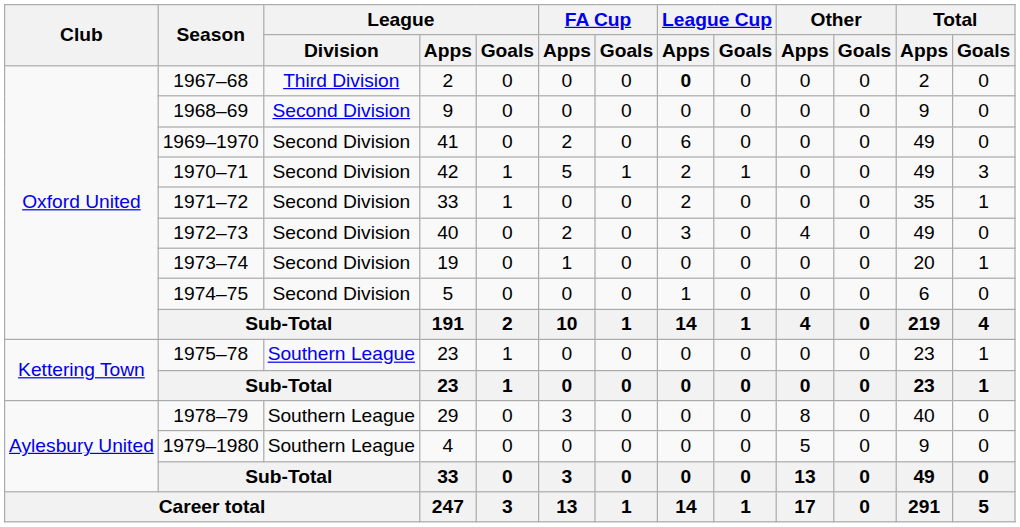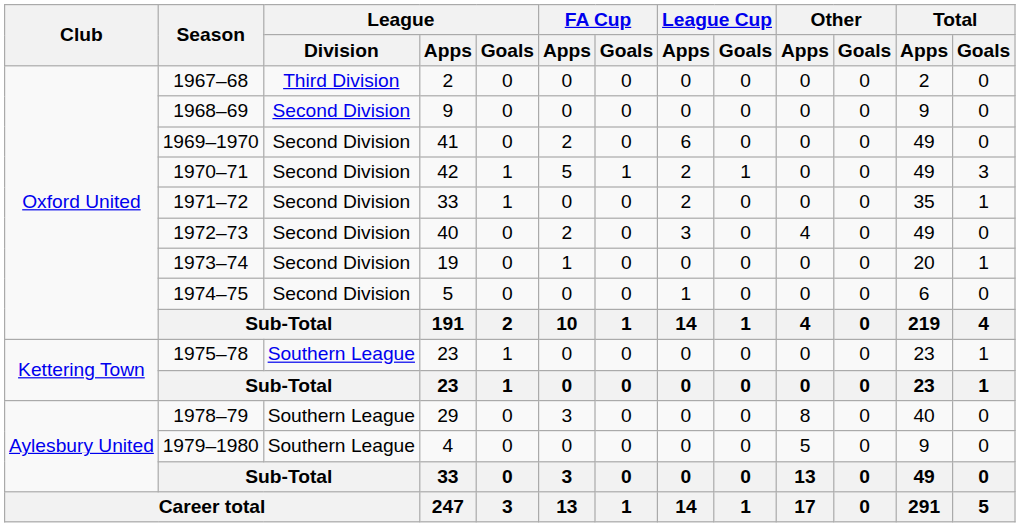 <table class="wikitable" style="text-align:center">
 <tr>
 <th rowspan="2">Club</th>
 <th rowspan="2">Season</th>
 <th colspan="3">League</th>
 <th colspan="2"><a href='#'>FA Cup</a></th>
 <th colspan="2"><a href='#'>League Cup</a></th>
 <th colspan="2">Other</th>
 <th colspan="2">Total</th>
 </tr>
 <tr>
 <th>Division</th>
 <th>Apps</th>
 <th>Goals</th>
 <th>Apps</th>
 <th>Goals</th>
 <th>Apps</th>
 <th>Goals</th>
 <th>Apps</th>
 <th>Goals</th>
 <th>Apps</th>
 <th>Goals</th>
 </tr>
 <tr>
 <td rowspan="9"><a href='#'>Oxford United</a></td>
 <td>1967–68</td>
 <td><a href='#'>Third Division</a></td>
 <td>2</td>
 <td>0</td>
 <td>0</td>
 <td>0</td>
-<td><strong>0</strong></td>
+<td>0</td>
 <td>0</td>
 <td>0</td>
 <td>0</td>
 <td>2</td>
 <td>0</td>
 </tr>
 <tr>
 <td>1968–69</td>
 <td><a href='#'>Second Division</a></td>
 <td>9</td>
 <td>0</td>
 <td>0</td>
 <td>0</td>
 <td>0</td>
 <td>0</td>
 <td>0</td>
 <td>0</td>
 <td>9</td>
 <td>0</td>
 </tr>
 <tr>
 <td>1969–1970</td>
 <td>Second Division</td>
 <td>41</td>
 <td>0</td>
 <td>2</td>
 <td>0</td>
 <td>6</td>
 <td>0</td>
 <td>0</td>
 <td>0</td>
 <td>49</td>
 <td>0</td>
 </tr>
 <tr>
 <td>1970–71</td>
 <td>Second Division</td>
 <td>42</td>
 <td>1</td>
 <td>5</td>
 <td>1</td>
 <td>2</td>
 <td>1</td>
 <td>0</td>
 <td>0</td>
 <td>49</td>
 <td>3</td>
 </tr>
 <tr>
 <td>1971–72</td>
 <td>Second Division</td>
 <td>33</td>
 <td>1</td>
 <td>0</td>
 <td>0</td>
 <td>2</td>
 <td>0</td>
 <td>0</td>
 <td>0</td>
 <td>35</td>
 <td>1</td>
 </tr>
 <tr>
 <td>1972–73</td>
 <td>Second Division</td>
 <td>40</td>
 <td>0</td>
 <td>2</td>
 <td>0</td>
 <td>3</td>
 <td>0</td>
 <td>4</td>
 <td>0</td>
 <td>49</td>
 <td>0</td>
 </tr>
 <tr>
 <td>1973–74</td>
 <td>Second Division</td>
 <td>19</td>
 <td>0</td>
 <td>1</td>
 <td>0</td>
 <td>0</td>
 <td>0</td>
 <td>0</td>
 <td>0</td>
 <td>20</td>
 <td>1</td>
 </tr>
 <tr>
 <td>1974–75</td>
 <td>Second Division</td>
 <td>5</td>
 <td>0</td>
 <td>0</td>
 <td>0</td>
 <td>1</td>
 <td>0</td>
 <td>0</td>
 <td>0</td>
 <td>6</td>
 <td>0</td>
 </tr>
 <tr>
 <th colspan="2">Sub-Total</th>
 <th>191</th>
 <th>2</th>
 <th>10</th>
 <th>1</th>
 <th>14</th>
 <th>1</th>
 <th>4</th>
 <th>0</th>
 <th>219</th>
 <th>4</th>
 </tr>
 <tr>
 <td rowspan="2"><a href='#'>Kettering Town</a></td>
 <td>1975–78</td>
 <td><a href='#'>Southern League</a></td>
 <td>23</td>
 <td>1</td>
 <td>0</td>
 <td>0</td>
 <td>0</td>
 <td>0</td>
 <td>0</td>
 <td>0</td>
 <td>23</td>
 <td>1</td>
 </tr>
 <tr>
 <th colspan="2">Sub-Total</th>
 <th>23</th>
 <th>1</th>
 <th>0</th>
 <th>0</th>
 <th>0</th>
 <th>0</th>
 <th>0</th>
 <th>0</th>
 <th>23</th>
 <th>1</th>
 </tr>
 <tr>
 <td rowspan="3"><a href='#'>Aylesbury United</a></td>
 <td>1978–79</td>
 <td>Southern League</td>
 <td>29</td>
 <td>0</td>
 <td>3</td>
 <td>0</td>
 <td>0</td>
 <td>0</td>
 <td>8</td>
 <td>0</td>
 <td>40</td>
 <td>0</td>
 </tr>
 <tr>
 <td>1979–1980</td>
 <td>Southern League</td>
 <td>4</td>
 <td>0</td>
 <td>0</td>
 <td>0</td>
 <td>0</td>
 <td>0</td>
 <td>5</td>
 <td>0</td>
 <td>9</td>
 <td>0</td>
 </tr>
 <tr>
 <th colspan="2">Sub-Total</th>
 <th>33</th>
 <th>0</th>
 <th>3</th>
 <th>0</th>
 <th>0</th>
 <th>0</th>
 <th>13</th>
 <th>0</th>
 <th>49</th>
 <th>0</th>
 </tr>
 <tr>
 <th colspan="3">Career total</th>
 <th>247</th>
 <th>3</th>
 <th>13</th>
 <th>1</th>
 <th>14</th>
 <th>1</th>
 <th>17</th>
 <th>0</th>
 <th>291</th>
 <th>5</th>
 </tr>
 </table>
